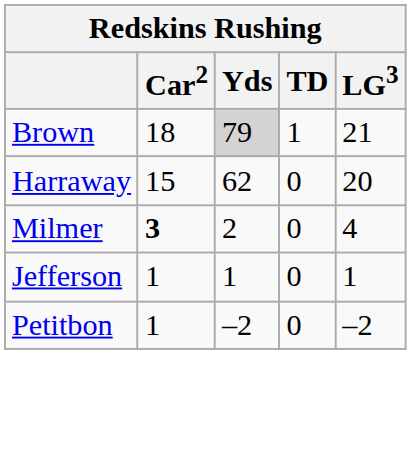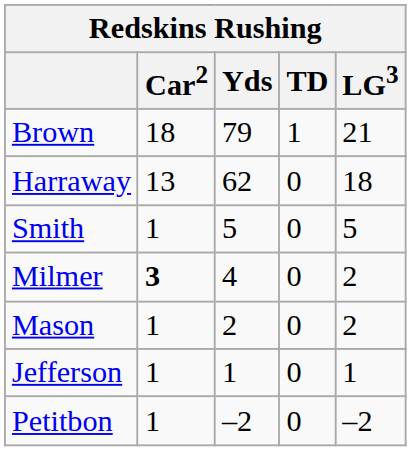 <table class="wikitable">
 <tr>
 <th colspan="5">Redskins Rushing</th>
 </tr>
 <tr>
 <th></th>
 <th>Car<sup>2</sup></th>
 <th>Yds</th>
 <th>TD</th>
 <th>LG<sup>3</sup></th>
 </tr>
 <tr>
 <td><a href='#'>Brown</a></td>
 <td>18</td>
-<td style="background: lightgrey;">79</td>
+<td>79</td>
 <td>1</td>
 <td>21</td>
 </tr>
 <tr>
 <td><a href='#'>Harraway</a></td>
-<td>15</td>
+<td>13</td>
 <td>62</td>
 <td>0</td>
-<td>20</td>
+<td>18</td>
+</tr>
+<tr>
+<td><a href='#'>Smith</a></td>
+<td>1</td>
+<td>5</td>
+<td>0</td>
+<td>5</td>
 </tr>
 <tr>
 <td><a href='#'>Milmer</a></td>
 <td><strong>3</strong></td>
+<td>4</td>
+<td>0</td>
+<td>2</td>
+</tr>
+<tr>
+<td><a href='#'>Mason</a></td>
+<td>1</td>
 <td>2</td>
 <td>0</td>
-<td>4</td>
+<td>2</td>
 </tr>
 <tr>
 <td><a href='#'>Jefferson</a></td>
 <td>1</td>
 <td>1</td>
 <td>0</td>
 <td>1</td>
 </tr>
 <tr>
 <td><a href='#'>Petitbon</a></td>
 <td>1</td>
 <td>–2</td>
 <td>0</td>
 <td>–2</td>
 </tr>
 </table>
